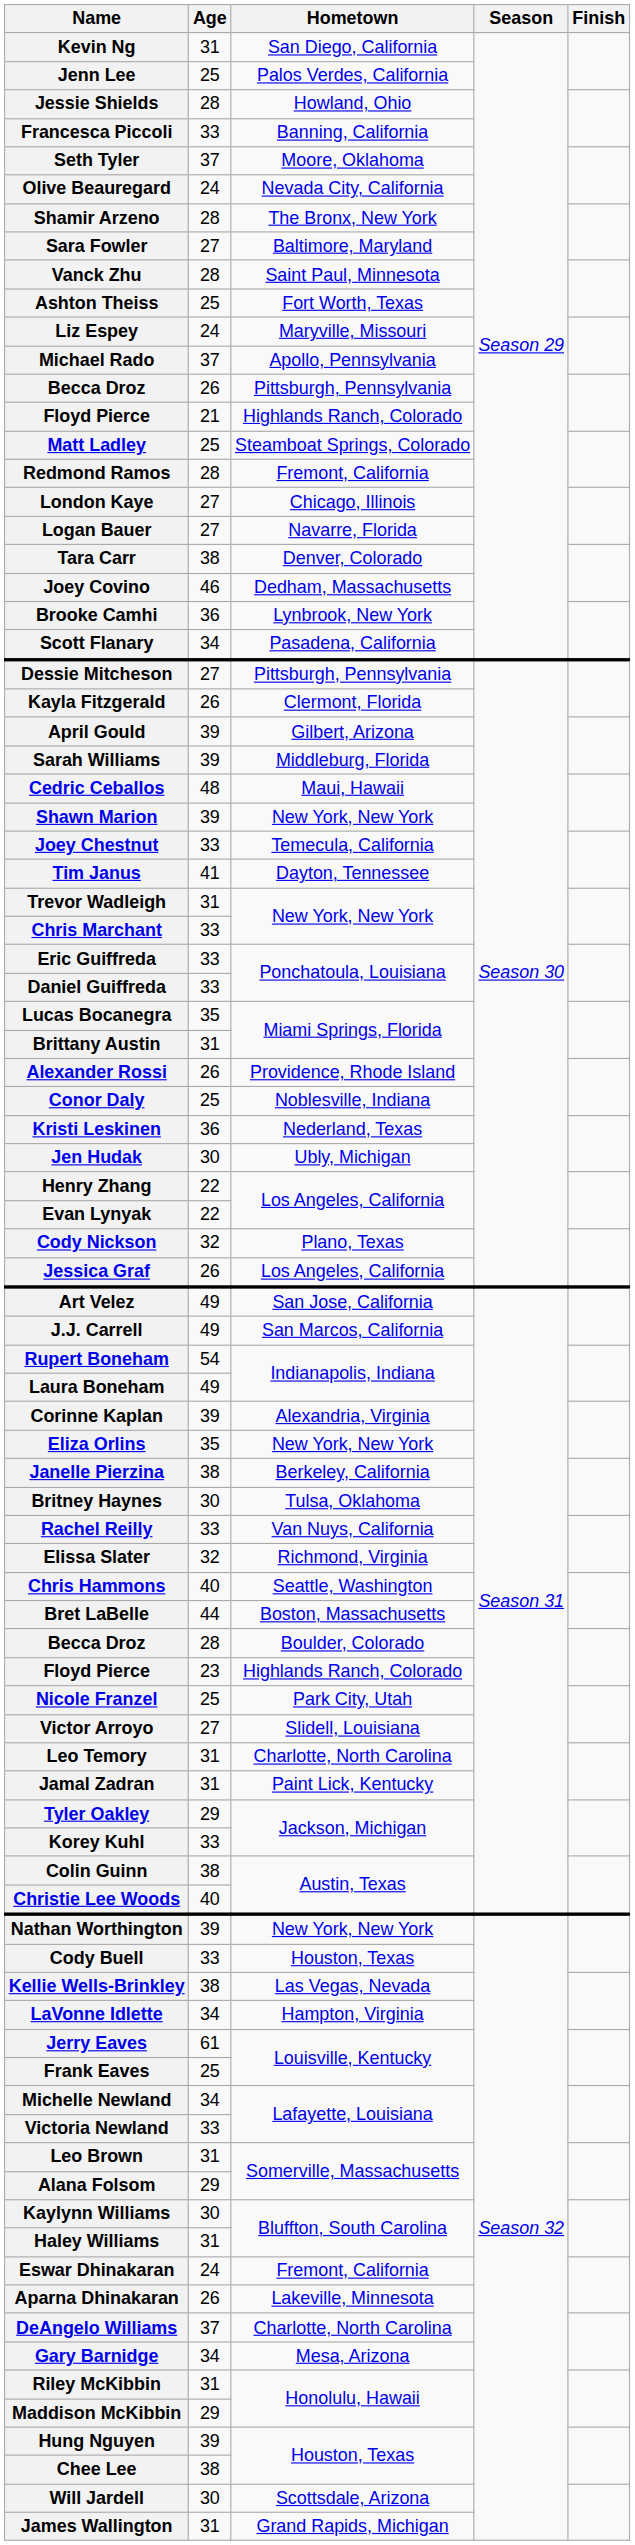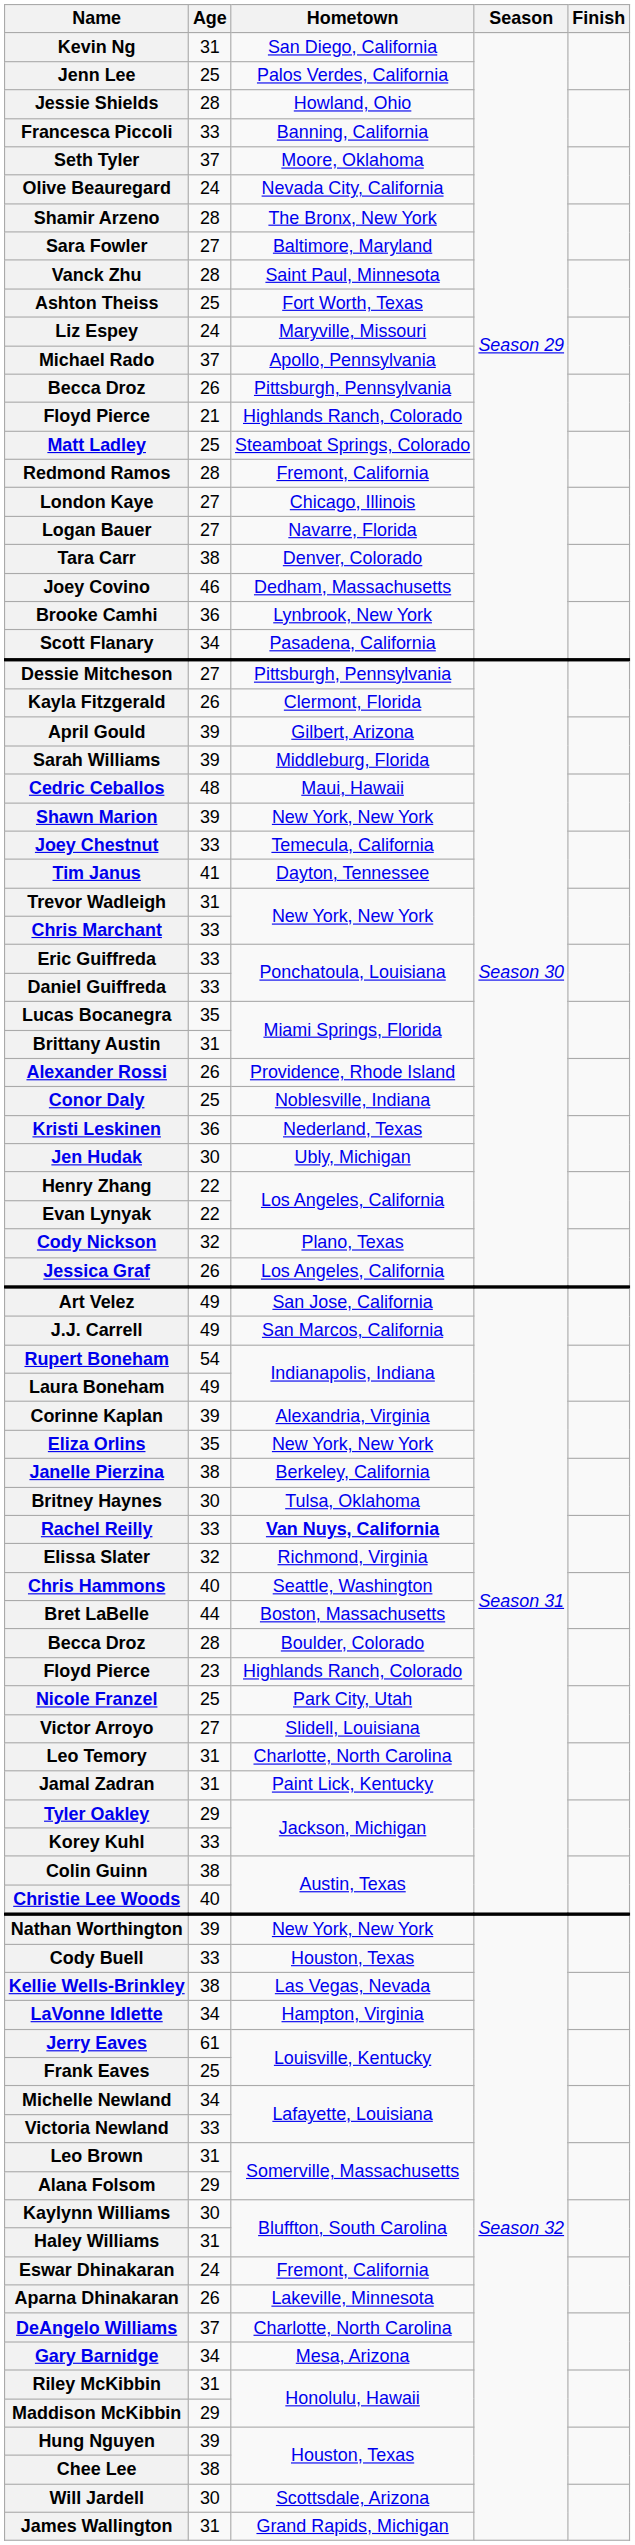 <table class="wikitable sortable" style="text-align:center;">
 <tr>
 <th scope="col">Name</th>
 <th scope="col">Age</th>
 <th scope="col" class=unsortable>Hometown</th>
 <th scope="col" class=unsortable>Season</th>
 <th scope="col">Finish</th>
 </tr>
 <tr>
 <th scope="row">Kevin Ng</th>
 <td>31</td>
 <td><a href='#'>San Diego, California</a></td>
 <td rowspan="22"><a href='#'><em>Season 29</em></a></td>
 <td rowspan="2"></td>
 </tr>
 <tr>
 <th scope="row">Jenn Lee</th>
 <td>25</td>
 <td><a href='#'>Palos Verdes, California</a></td>
 </tr>
 <tr>
 <th scope="row">Jessie Shields</th>
 <td>28</td>
 <td><a href='#'>Howland, Ohio</a></td>
 <td rowspan="2"></td>
 </tr>
 <tr>
 <th scope="row">Francesca Piccoli</th>
 <td>33</td>
 <td><a href='#'>Banning, California</a></td>
 </tr>
 <tr>
 <th scope="row">Seth Tyler</th>
 <td>37</td>
 <td><a href='#'>Moore, Oklahoma</a></td>
 <td rowspan="2"></td>
 </tr>
 <tr>
 <th scope="row">Olive Beauregard</th>
 <td>24</td>
 <td><a href='#'>Nevada City, California</a></td>
 </tr>
 <tr>
 <th scope="row">Shamir Arzeno</th>
 <td>28</td>
 <td><a href='#'>The Bronx, New York</a></td>
 <td rowspan="2"></td>
 </tr>
 <tr>
 <th scope="row">Sara Fowler</th>
 <td>27</td>
 <td><a href='#'>Baltimore, Maryland</a></td>
 </tr>
 <tr>
 <th scope="row">Vanck Zhu</th>
 <td>28</td>
 <td><a href='#'>Saint Paul, Minnesota</a></td>
 <td rowspan="2"></td>
 </tr>
 <tr>
 <th scope="row">Ashton Theiss</th>
 <td>25</td>
 <td><a href='#'>Fort Worth, Texas</a></td>
 </tr>
 <tr>
 <th scope="row">Liz Espey</th>
 <td>24</td>
 <td><a href='#'>Maryville, Missouri</a></td>
 <td rowspan="2"></td>
 </tr>
 <tr>
 <th scope="row">Michael Rado</th>
 <td>37</td>
 <td><a href='#'>Apollo, Pennsylvania</a></td>
 </tr>
 <tr>
 <th scope="row">Becca Droz</th>
 <td>26</td>
 <td><a href='#'>Pittsburgh, Pennsylvania</a></td>
 <td rowspan="2"></td>
 </tr>
 <tr>
 <th scope="row">Floyd Pierce</th>
 <td>21</td>
 <td><a href='#'>Highlands Ranch, Colorado</a></td>
 </tr>
 <tr>
 <th scope="row"><a href='#'>Matt Ladley</a></th>
 <td>25</td>
 <td><a href='#'>Steamboat Springs, Colorado</a></td>
 <td rowspan="2"></td>
 </tr>
 <tr>
 <th scope="row">Redmond Ramos</th>
 <td>28</td>
 <td><a href='#'>Fremont, California</a></td>
 </tr>
 <tr>
 <th scope="row">London Kaye</th>
 <td>27</td>
 <td><a href='#'>Chicago, Illinois</a></td>
 <td rowspan="2"></td>
 </tr>
 <tr>
 <th scope="row">Logan Bauer</th>
 <td>27</td>
 <td><a href='#'>Navarre, Florida</a></td>
 </tr>
 <tr>
 <th scope="row">Tara Carr</th>
 <td>38</td>
 <td><a href='#'>Denver, Colorado</a></td>
 <td rowspan="2"></td>
 </tr>
 <tr>
 <th scope="row">Joey Covino</th>
 <td>46</td>
 <td><a href='#'>Dedham, Massachusetts</a></td>
 </tr>
 <tr>
 <th scope="row">Brooke Camhi</th>
 <td>36</td>
 <td><a href='#'>Lynbrook, New York</a></td>
 <td rowspan="2"></td>
 </tr>
 <tr>
 <th scope="row">Scott Flanary</th>
 <td>34</td>
 <td><a href='#'>Pasadena, California</a></td>
 </tr>
 <tr style="border-top:3px solid">
 <th scope="row">Dessie Mitcheson</th>
 <td>27</td>
 <td><a href='#'>Pittsburgh, Pennsylvania</a></td>
 <td rowspan="22"><a href='#'><em>Season 30</em></a></td>
 <td rowspan="2"></td>
 </tr>
 <tr>
 <th scope="row">Kayla Fitzgerald</th>
 <td>26</td>
 <td><a href='#'>Clermont, Florida</a></td>
 </tr>
 <tr>
 <th scope="row">April Gould</th>
 <td>39</td>
 <td><a href='#'>Gilbert, Arizona</a></td>
 <td rowspan="2"></td>
 </tr>
 <tr>
 <th scope="row">Sarah Williams</th>
 <td>39</td>
 <td><a href='#'>Middleburg, Florida</a></td>
 </tr>
 <tr>
 <th scope="row"><a href='#'>Cedric Ceballos</a></th>
 <td>48</td>
 <td><a href='#'>Maui, Hawaii</a></td>
 <td rowspan="2"></td>
 </tr>
 <tr>
 <th scope="row"><a href='#'>Shawn Marion</a></th>
 <td>39</td>
 <td><a href='#'>New York, New York</a></td>
 </tr>
 <tr>
 <th scope="row"><a href='#'>Joey Chestnut</a></th>
 <td>33</td>
 <td><a href='#'>Temecula, California</a></td>
 <td rowspan="2"></td>
 </tr>
 <tr>
 <th scope="row"><a href='#'>Tim Janus</a></th>
 <td>41</td>
 <td><a href='#'>Dayton, Tennessee</a></td>
 </tr>
 <tr>
 <th scope="row">Trevor Wadleigh</th>
 <td>31</td>
 <td rowspan="2"><a href='#'>New York, New York</a></td>
 <td rowspan="2"></td>
 </tr>
 <tr>
 <th scope="row"><a href='#'>Chris Marchant</a></th>
 <td>33</td>
 </tr>
 <tr>
 <th scope="row">Eric Guiffreda</th>
 <td>33</td>
 <td rowspan="2"><a href='#'>Ponchatoula, Louisiana</a></td>
 <td rowspan="2"></td>
 </tr>
 <tr>
 <th scope="row">Daniel Guiffreda</th>
 <td>33</td>
 </tr>
 <tr>
 <th scope="row">Lucas Bocanegra</th>
 <td>35</td>
 <td rowspan="2"><a href='#'>Miami Springs, Florida</a></td>
 <td rowspan="2"></td>
 </tr>
 <tr>
 <th scope="row">Brittany Austin</th>
 <td>31</td>
 </tr>
 <tr>
 <th scope="row"><a href='#'>Alexander Rossi</a></th>
 <td>26</td>
 <td><a href='#'>Providence, Rhode Island</a></td>
 <td rowspan="2"></td>
 </tr>
 <tr>
 <th scope="row"><a href='#'>Conor Daly</a></th>
 <td>25</td>
 <td><a href='#'>Noblesville, Indiana</a></td>
 </tr>
 <tr>
 <th scope="row"><a href='#'>Kristi Leskinen</a></th>
 <td>36</td>
 <td><a href='#'>Nederland, Texas</a></td>
 <td rowspan="2"></td>
 </tr>
 <tr>
 <th scope="row"><a href='#'>Jen Hudak</a></th>
 <td>30</td>
 <td><a href='#'>Ubly, Michigan</a></td>
 </tr>
 <tr>
 <th scope="row">Henry Zhang</th>
 <td>22</td>
 <td rowspan="2"><a href='#'>Los Angeles, California</a></td>
 <td rowspan="2"></td>
 </tr>
 <tr>
 <th scope="row">Evan Lynyak</th>
 <td>22</td>
 </tr>
 <tr>
 <th scope="row"><a href='#'>Cody Nickson</a></th>
 <td>32</td>
 <td><a href='#'>Plano, Texas</a></td>
 <td rowspan="2"></td>
 </tr>
 <tr>
 <th scope="row"><a href='#'>Jessica Graf</a></th>
 <td>26</td>
 <td><a href='#'>Los Angeles, California</a></td>
 </tr>
 <tr style="border-top:3px solid">
 <th scope="row">Art Velez</th>
 <td>49</td>
 <td><a href='#'>San Jose, California</a></td>
 <td rowspan="22"><a href='#'><em>Season 31</em></a></td>
 <td rowspan="2"></td>
 </tr>
 <tr>
 <th scope="row">J.J. Carrell</th>
 <td>49</td>
 <td><a href='#'>San Marcos, California</a></td>
 </tr>
 <tr>
 <th scope="row"><a href='#'>Rupert Boneham</a></th>
 <td>54</td>
 <td rowspan="2"><a href='#'>Indianapolis, Indiana</a></td>
 <td rowspan="2"></td>
 </tr>
 <tr>
 <th scope="row">Laura Boneham</th>
 <td>49</td>
 </tr>
 <tr>
 <th scope="row">Corinne Kaplan</th>
 <td>39</td>
 <td><a href='#'>Alexandria, Virginia</a></td>
 <td rowspan="2"></td>
 </tr>
 <tr>
 <th scope="row"><a href='#'>Eliza Orlins</a></th>
 <td>35</td>
 <td><a href='#'>New York, New York</a></td>
 </tr>
 <tr>
 <th scope="row"><a href='#'>Janelle Pierzina</a></th>
 <td>38</td>
 <td><a href='#'>Berkeley, California</a></td>
 <td rowspan="2"></td>
 </tr>
 <tr>
 <th scope="row">Britney Haynes</th>
 <td>30</td>
 <td><a href='#'>Tulsa, Oklahoma</a></td>
 </tr>
 <tr>
 <th scope="row"><a href='#'>Rachel Reilly</a></th>
 <td>33</td>
-<td><a href='#'>Van Nuys, California</a></td>
+<td><strong><a href='#'>Van Nuys, California</a></strong></td>
 <td rowspan="2"></td>
 </tr>
 <tr>
 <th scope="row">Elissa Slater</th>
 <td>32</td>
 <td><a href='#'>Richmond, Virginia</a></td>
 </tr>
 <tr>
 <th scope="row"><a href='#'>Chris Hammons</a></th>
 <td>40</td>
 <td><a href='#'>Seattle, Washington</a></td>
 <td rowspan="2"></td>
 </tr>
 <tr>
 <th scope="row">Bret LaBelle</th>
 <td>44</td>
 <td><a href='#'>Boston, Massachusetts</a></td>
 </tr>
 <tr>
 <th scope="row">Becca Droz</th>
 <td>28</td>
 <td><a href='#'>Boulder, Colorado</a></td>
 <td rowspan="2"></td>
 </tr>
 <tr>
 <th scope="row">Floyd Pierce</th>
 <td>23</td>
 <td><a href='#'>Highlands Ranch, Colorado</a></td>
 </tr>
 <tr>
 <th scope="row"><a href='#'>Nicole Franzel</a></th>
 <td>25</td>
 <td><a href='#'>Park City, Utah</a></td>
 <td rowspan="2"></td>
 </tr>
 <tr>
 <th scope="row">Victor Arroyo</th>
 <td>27</td>
 <td><a href='#'>Slidell, Louisiana</a></td>
 </tr>
 <tr>
 <th scope="row">Leo Temory</th>
 <td>31</td>
 <td><a href='#'>Charlotte, North Carolina</a></td>
 <td rowspan="2"></td>
 </tr>
 <tr>
 <th scope="row">Jamal Zadran</th>
 <td>31</td>
 <td><a href='#'>Paint Lick, Kentucky</a></td>
 </tr>
 <tr>
 <th scope="row"><a href='#'>Tyler Oakley</a></th>
 <td>29</td>
 <td rowspan="2"><a href='#'>Jackson, Michigan</a></td>
 <td rowspan="2"></td>
 </tr>
 <tr>
 <th scope="row">Korey Kuhl</th>
 <td>33</td>
 </tr>
 <tr>
 <th scope="row">Colin Guinn</th>
 <td>38</td>
 <td rowspan="2"><a href='#'>Austin, Texas</a></td>
 <td rowspan="2"></td>
 </tr>
 <tr>
 <th scope="row"><a href='#'>Christie Lee Woods</a></th>
 <td>40</td>
 </tr>
 <tr style="border-top:3px solid">
 <th scope="row">Nathan Worthington</th>
 <td>39</td>
 <td><a href='#'>New York, New York</a></td>
 <td rowspan="22"><a href='#'><em>Season 32</em></a></td>
 <td rowspan="2"></td>
 </tr>
 <tr>
 <th scope="row">Cody Buell</th>
 <td>33</td>
 <td><a href='#'>Houston, Texas</a></td>
 </tr>
 <tr>
 <th scope="row"><a href='#'>Kellie Wells-Brinkley</a></th>
 <td>38</td>
 <td><a href='#'>Las Vegas, Nevada</a></td>
 <td rowspan="2"></td>
 </tr>
 <tr>
 <th scope="row"><a href='#'>LaVonne Idlette</a></th>
 <td>34</td>
 <td><a href='#'>Hampton, Virginia</a></td>
 </tr>
 <tr>
 <th scope="row"><a href='#'>Jerry Eaves</a></th>
 <td>61</td>
 <td rowspan="2"><a href='#'>Louisville, Kentucky</a></td>
 <td rowspan="2"></td>
 </tr>
 <tr>
 <th scope="row">Frank Eaves</th>
 <td>25</td>
 </tr>
 <tr>
 <th scope="row">Michelle Newland</th>
 <td>34</td>
 <td rowspan="2"><a href='#'>Lafayette, Louisiana</a></td>
 <td rowspan="2"></td>
 </tr>
 <tr>
 <th scope="row">Victoria Newland</th>
 <td>33</td>
 </tr>
 <tr>
 <th scope="row">Leo Brown</th>
 <td>31</td>
 <td rowspan="2"><a href='#'>Somerville, Massachusetts</a></td>
 <td rowspan="2"></td>
 </tr>
 <tr>
 <th scope="row">Alana Folsom</th>
 <td>29</td>
 </tr>
 <tr>
 <th scope="row">Kaylynn Williams</th>
 <td>30</td>
 <td rowspan="2"><a href='#'>Bluffton, South Carolina</a></td>
 <td rowspan="2"></td>
 </tr>
 <tr>
 <th scope="row">Haley Williams</th>
 <td>31</td>
 </tr>
 <tr>
 <th scope="row">Eswar Dhinakaran</th>
 <td>24</td>
 <td><a href='#'>Fremont, California</a></td>
 <td rowspan="2"></td>
 </tr>
 <tr>
 <th scope="row">Aparna Dhinakaran</th>
 <td>26</td>
 <td><a href='#'>Lakeville, Minnesota</a></td>
 </tr>
 <tr>
 <th scope="row"><a href='#'>DeAngelo Williams</a></th>
 <td>37</td>
 <td><a href='#'>Charlotte, North Carolina</a></td>
 <td rowspan="2"></td>
 </tr>
 <tr>
 <th scope="row"><a href='#'>Gary Barnidge</a></th>
 <td>34</td>
 <td><a href='#'>Mesa, Arizona</a></td>
 </tr>
 <tr>
 <th scope="row">Riley McKibbin</th>
 <td>31</td>
 <td rowspan="2"><a href='#'>Honolulu, Hawaii</a></td>
 <td rowspan="2"></td>
 </tr>
 <tr>
 <th scope="row">Maddison McKibbin</th>
 <td>29</td>
 </tr>
 <tr>
 <th scope="row">Hung Nguyen</th>
 <td>39</td>
 <td rowspan="2"><a href='#'>Houston, Texas</a></td>
 <td rowspan="2"></td>
 </tr>
 <tr>
 <th scope="row">Chee Lee</th>
 <td>38</td>
 </tr>
 <tr>
 <th scope="row">Will Jardell</th>
 <td>30</td>
 <td><a href='#'>Scottsdale, Arizona</a></td>
 <td rowspan="2"></td>
 </tr>
 <tr>
 <th scope="row">James Wallington</th>
 <td>31</td>
 <td><a href='#'>Grand Rapids, Michigan</a></td>
 </tr>
 </table>
